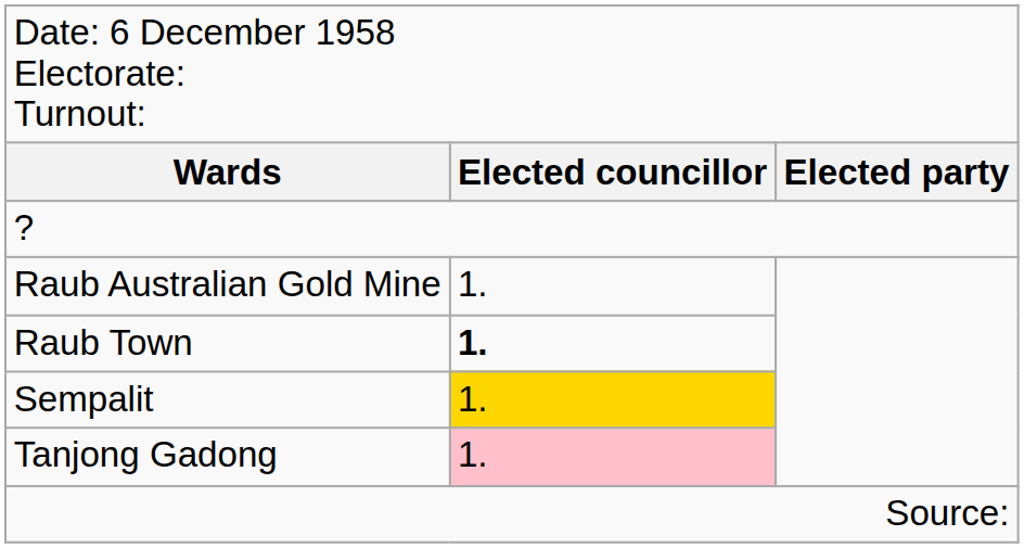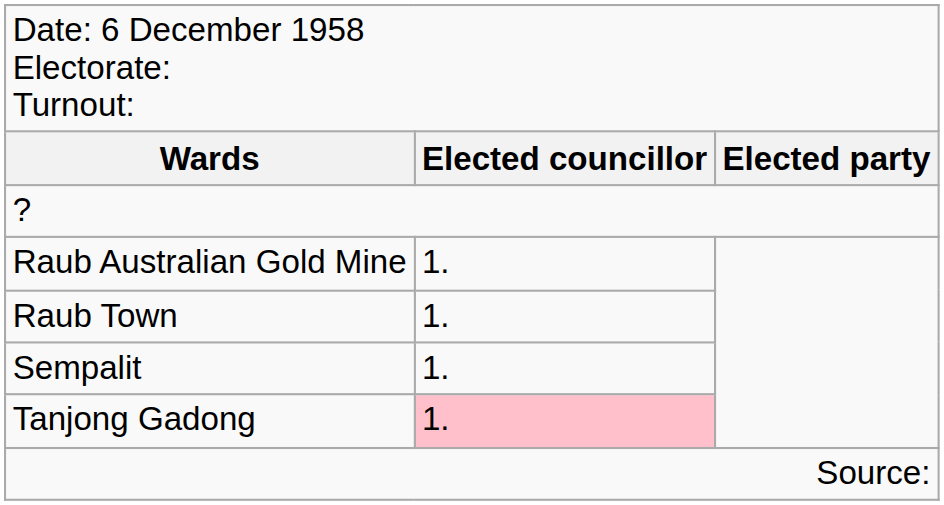 <table class=wikitable>
 <tr>
 <td colspan=3>Date: 6 December 1958<br>Electorate: <br>Turnout:</td>
 </tr>
 <tr>
 <th>Wards</th>
 <th>Elected councillor</th>
 <th>Elected party</th>
 </tr>
 <tr>
 <td colspan=3>? </td>
 </tr>
 <tr>
 <td>Raub Australian Gold Mine</td>
 <td>1.</td>
 </tr>
 <tr>
 <td>Raub Town</td>
-<td><strong>1.</strong></td>
+<td>1.</td>
 </tr>
 <tr>
 <td>Sempalit</td>
-<td style="background: gold;">1.</td>
+<td>1.</td>
 </tr>
 <tr>
 <td>Tanjong Gadong</td>
 <td style="background: pink;">1.</td>
 </tr>
 <tr>
 <td colspan="3" style="text-align:right;">Source: </td>
 </tr>
 </table>
